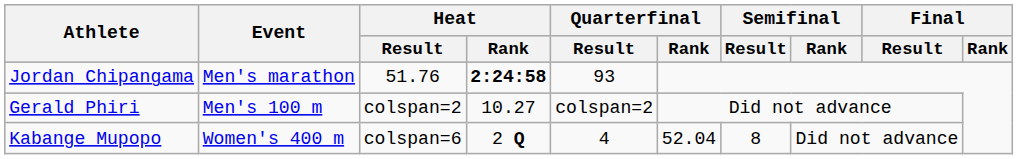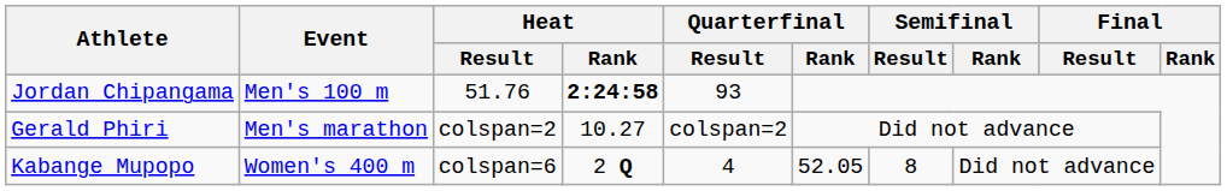 <table class="wikitable" style="font-size:90%">
 <tr>
 <th rowspan="2">Athlete</th>
 <th rowspan="2">Event</th>
 <th colspan="2">Heat</th>
 <th colspan="2">Quarterfinal</th>
 <th colspan="2">Semifinal</th>
 <th colspan="2">Final</th>
 </tr>
 <tr style="font-size:95%">
 <th>Result</th>
 <th>Rank</th>
 <th>Result</th>
 <th>Rank</th>
 <th>Result</th>
 <th>Rank</th>
 <th>Result</th>
 <th>Rank</th>
 </tr>
 <tr align=center>
 <td align=left><a href='#'>Jordan Chipangama</a></td>
-<td align=left><a href='#'>Men's marathon</a></td>
+<td align=left><a href='#'>Men's 100 m</a></td>
 <td>51.76</td>
 <td><strong>2:24:58</strong></td>
 <td>93</td>
 </tr>
 <tr align=center>
 <td align=left><a href='#'>Gerald Phiri</a></td>
-<td align=left><a href='#'>Men's 100 m</a></td>
+<td align=left><a href='#'>Men's marathon</a></td>
 <td>colspan=2 </td>
 <td>10.27</td>
 <td>colspan=2 </td>
 <td colspan=4>Did not advance</td>
 </tr>
 <tr align=center>
 <td align=left><a href='#'>Kabange Mupopo</a></td>
 <td align=left><a href='#'>Women's 400 m</a></td>
 <td>colspan=6 </td>
 <td>2 <strong>Q</strong></td>
 <td>4</td>
-<td>52.04</td>
+<td>52.05</td>
 <td>8</td>
 <td colspan=2>Did not advance</td>
 </tr>
 </table>
